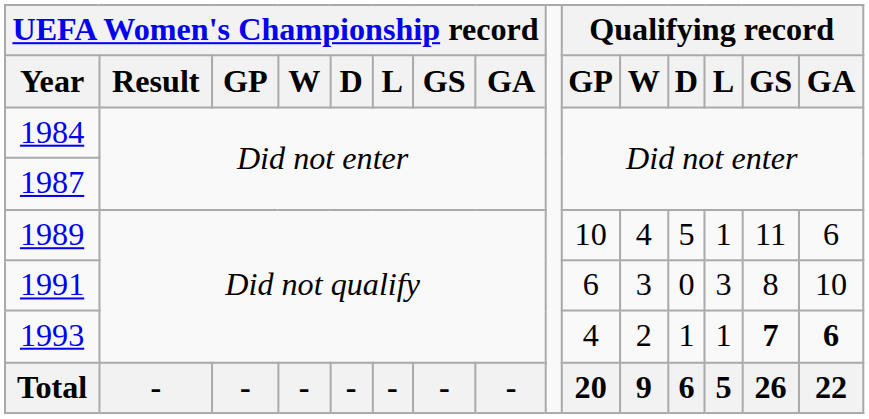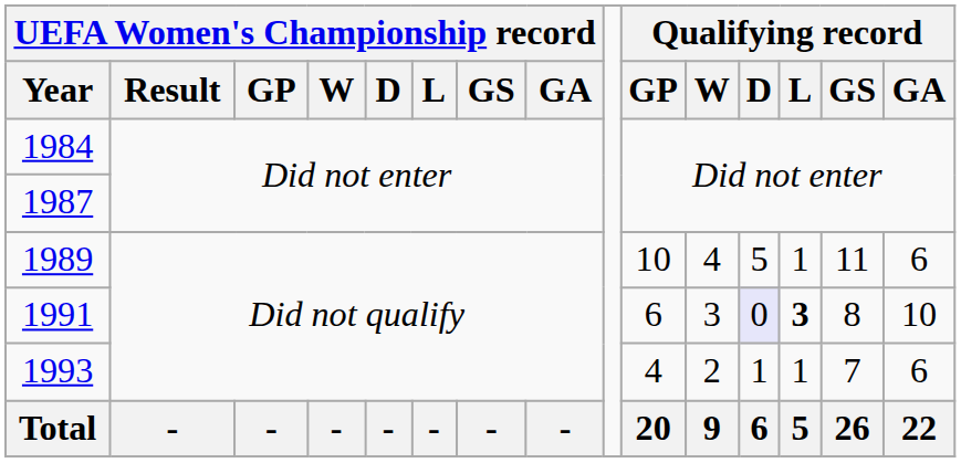 <table class="wikitable" style="text-align: center;">
 <tr>
 <th colspan=8><a href='#'>UEFA Women's Championship</a> record</th>
 <td rowspan=8></td>
 <th colspan=6>Qualifying record</th>
 </tr>
 <tr>
 <th>Year</th>
 <th>Result</th>
 <th>GP</th>
 <th>W</th>
 <th>D</th>
 <th>L</th>
 <th>GS</th>
 <th>GA</th>
 <th>GP</th>
 <th>W</th>
 <th>D</th>
 <th>L</th>
 <th>GS</th>
 <th>GA</th>
 </tr>
 <tr>
 <td> <a href='#'>1984</a></td>
 <td colspan=7 rowspan=2><em>Did not enter</em></td>
 <td colspan=6 rowspan=2><em>Did not enter</em></td>
 </tr>
 <tr>
 <td> <a href='#'>1987</a></td>
 </tr>
 <tr>
 <td> <a href='#'>1989</a></td>
 <td colspan=7 rowspan=3><em>Did not qualify</em></td>
 <td>10</td>
 <td>4</td>
 <td>5</td>
 <td>1</td>
 <td>11</td>
 <td>6</td>
 </tr>
 <tr>
 <td> <a href='#'>1991</a></td>
 <td>6</td>
 <td>3</td>
-<td>0</td>
-<td>3</td>
+<td style="background: lavender;">0</td>
+<td><strong>3</strong></td>
 <td>8</td>
 <td>10</td>
 </tr>
 <tr>
 <td> <a href='#'>1993</a></td>
 <td>4</td>
 <td>2</td>
 <td>1</td>
 <td>1</td>
-<td><strong>7</strong></td>
-<td><strong>6</strong></td>
+<td>7</td>
+<td>6</td>
 </tr>
 <tr>
 <th>Total</th>
 <th>-</th>
 <th>-</th>
 <th>-</th>
 <th>-</th>
 <th>-</th>
 <th>-</th>
 <th>-</th>
 <th>20</th>
 <th>9</th>
 <th>6</th>
 <th>5</th>
 <th>26</th>
 <th>22</th>
 </tr>
 </table>
